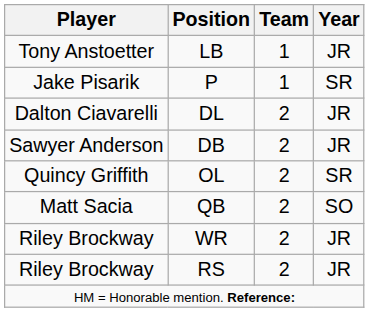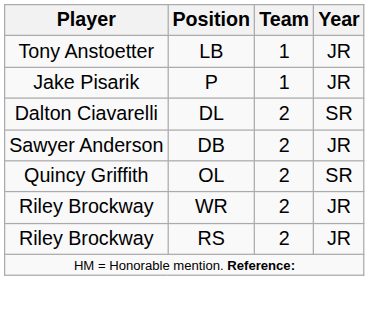 <table class="wikitable sortable sortable" style="text-align: center">
 <tr align=center>
 <th>Player</th>
 <th>Position</th>
 <th>Team</th>
 <th>Year</th>
 </tr>
 <tr>
 <td>Tony Anstoetter</td>
 <td>LB</td>
 <td>1</td>
 <td>JR</td>
 </tr>
 <tr>
 <td>Jake Pisarik</td>
 <td>P</td>
 <td>1</td>
-<td>SR</td>
+<td>JR</td>
 </tr>
 <tr>
 <td>Dalton Ciavarelli</td>
 <td>DL</td>
 <td>2</td>
-<td>JR</td>
+<td>SR</td>
 </tr>
 <tr>
 <td>Sawyer Anderson</td>
 <td>DB</td>
 <td>2</td>
 <td>JR</td>
 </tr>
 <tr>
 <td>Quincy Griffith</td>
 <td>OL</td>
 <td>2</td>
 <td>SR</td>
-</tr>
-<tr>
-<td>Matt Sacia</td>
-<td>QB</td>
-<td>2</td>
-<td>SO</td>
 </tr>
 <tr>
 <td>Riley Brockway</td>
 <td>WR</td>
 <td>2</td>
 <td>JR</td>
 </tr>
 <tr>
 <td>Riley Brockway</td>
 <td>RS</td>
 <td>2</td>
 <td>JR</td>
 </tr>
 <tr class="sortbottom">
 <td colspan="4"  style="font-size:8pt; text-align:center;">HM = Honorable mention. <strong>Reference:</strong></td>
 </tr>
 </table>
